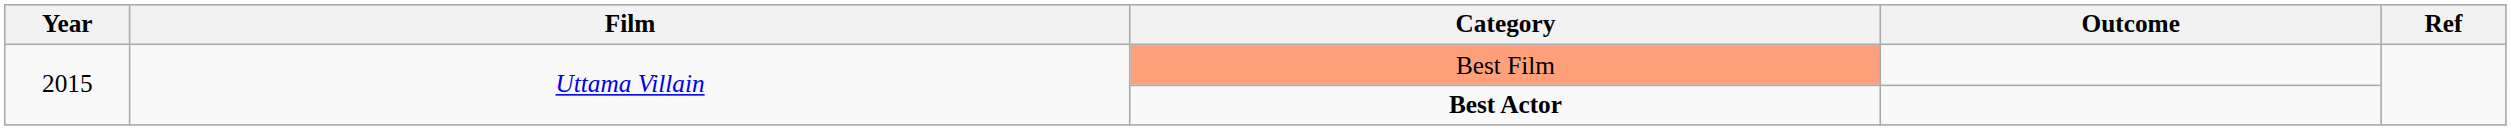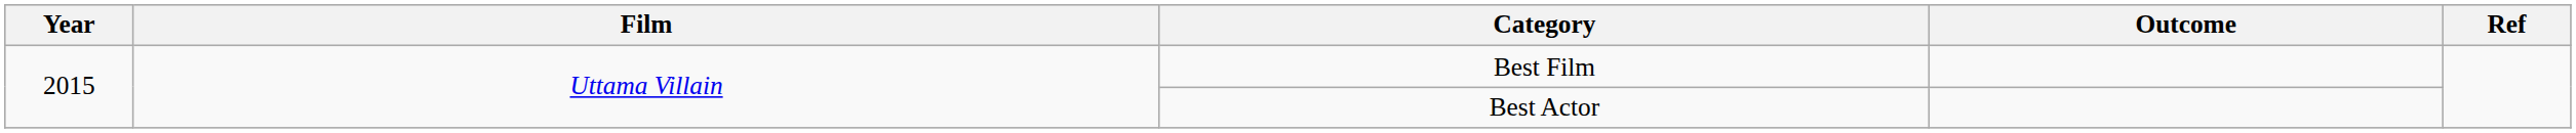 <table class="wikitable" style="width:100%;">
 <tr>
 <th width=5%>Year</th>
 <th style="width:40%;">Film</th>
 <th style="width:30%;">Category</th>
 <th style="width:20%;">Outcome</th>
 <th style="width:5%;">Ref</th>
 </tr>
 <tr>
 <td rowspan="2" style="text-align:center;">2015</td>
 <td rowspan="2" style="text-align:center;"><em><a href='#'>Uttama Villain</a></em></td>
-<td style="background: lightsalmon; text-align:center;">Best Film</td>
+<td style="text-align:center;">Best Film</td>
 <td></td>
 <td rowspan="2" style="text-align:center;"></td>
 </tr>
 <tr>
-<td style="text-align:center;"><strong>Best Actor</strong></td>
+<td style="text-align:center;">Best Actor</td>
 <td></td>
 </tr>
 </table>
